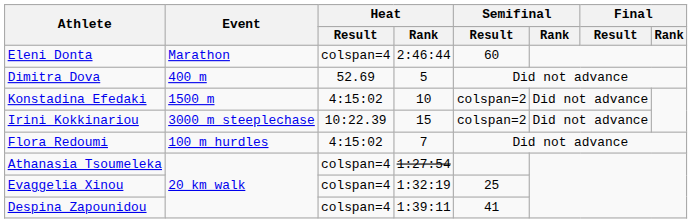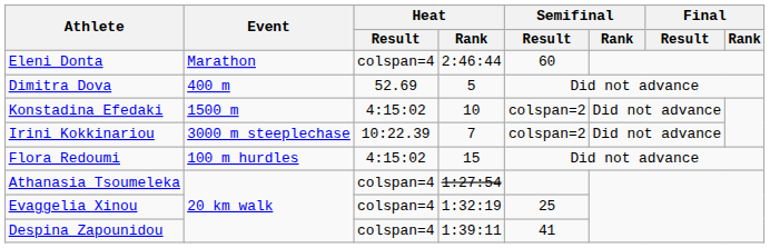 <table class="wikitable" style="font-size:90%">
 <tr>
 <th rowspan="2">Athlete</th>
 <th rowspan="2">Event</th>
 <th colspan="2">Heat</th>
 <th colspan="2">Semifinal</th>
 <th colspan="2">Final</th>
 </tr>
 <tr style="font-size:95%">
 <th>Result</th>
 <th>Rank</th>
 <th>Result</th>
 <th>Rank</th>
 <th>Result</th>
 <th>Rank</th>
 </tr>
 <tr align=center>
 <td align=left><a href='#'>Eleni Donta</a></td>
 <td align=left><a href='#'>Marathon</a></td>
 <td>colspan=4 </td>
 <td>2:46:44</td>
 <td>60</td>
 </tr>
 <tr align=center>
 <td align=left><a href='#'>Dimitra Dova</a></td>
 <td align=left><a href='#'>400 m</a></td>
 <td>52.69</td>
 <td>5</td>
 <td colspan=4>Did not advance</td>
 </tr>
 <tr align=center>
 <td align=left><a href='#'>Konstadina Efedaki</a></td>
 <td align=left><a href='#'>1500 m</a></td>
 <td>4:15:02</td>
 <td>10</td>
 <td>colspan=2 </td>
 <td colspan=2>Did not advance</td>
 </tr>
 <tr align=center>
 <td align=left><a href='#'>Irini Kokkinariou</a></td>
 <td align=left><a href='#'>3000 m steeplechase</a></td>
 <td>10:22.39</td>
-<td>15</td>
+<td>7</td>
 <td>colspan=2 </td>
 <td colspan=2>Did not advance</td>
 </tr>
 <tr align=center>
 <td align=left><a href='#'>Flora Redoumi</a></td>
 <td align=left><a href='#'>100 m hurdles</a></td>
 <td>4:15:02</td>
-<td>7</td>
+<td>15</td>
 <td colspan=4>Did not advance</td>
 </tr>
 <tr align=center>
 <td align=left><a href='#'>Athanasia Tsoumeleka</a></td>
 <td align=left rowspan=3><a href='#'>20 km walk</a></td>
 <td>colspan=4 </td>
 <td><s>1:27:54</s></td>
 <td></td>
 </tr>
 <tr align=center>
 <td align=left><a href='#'>Evaggelia Xinou</a></td>
 <td>colspan=4 </td>
 <td>1:32:19</td>
 <td>25</td>
 </tr>
 <tr align=center>
 <td align=left><a href='#'>Despina Zapounidou</a></td>
 <td>colspan=4 </td>
 <td>1:39:11</td>
 <td>41</td>
 </tr>
 </table>
